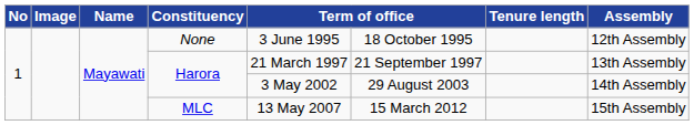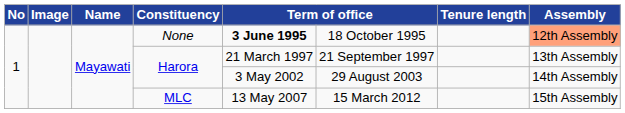 <table class="wikitable sortable">
 <tr>
 <th Style="background-color:#22409A; color:white">No</th>
 <th Style="background-color:#22409A; color:white">Image</th>
 <th Style="background-color:#22409A; color:white">Name</th>
 <th Style="background-color:#22409A; color:white">Constituency</th>
 <th colspan=2 Style="background-color:#22409A; color:white">Term of office</th>
 <th Style="background-color:#22409A; color:white">Tenure length</th>
 <th Style="background-color:#22409A; color:white">Assembly</th>
 </tr>
 <tr align=center>
 <td rowspan=4>1</td>
 <td rowspan=4></td>
 <td rowspan=4><a href='#'>Mayawati</a></td>
 <td><em>None</em></td>
-<td>3 June 1995</td>
+<td><strong>3 June 1995</strong></td>
 <td>18 October 1995</td>
 <td></td>
-<td>12th Assembly<br></td>
+<td style="background: lightsalmon;">12th Assembly<br></td>
 </tr>
 <tr align=center>
 <td rowspan=2><a href='#'>Harora</a></td>
 <td>21 March 1997</td>
 <td>21 September 1997</td>
 <td></td>
 <td>13th Assembly<br></td>
 </tr>
 <tr align=center>
 <td>3 May 2002</td>
 <td>29 August 2003</td>
 <td></td>
 <td>14th Assembly<br></td>
 </tr>
 <tr align=center>
 <td><a href='#'>MLC</a></td>
 <td>13 May 2007</td>
 <td>15 March 2012</td>
 <td></td>
 <td>15th Assembly<br></td>
 </tr>
 </table>
